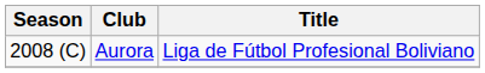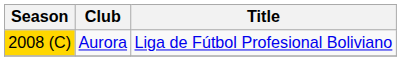 <table class="wikitable">
 <tr>
 <th>Season</th>
 <th>Club</th>
 <th>Title</th>
 </tr>
 <tr>
-<td>2008 (C)</td>
+<td style="background: gold;">2008 (C)</td>
 <td><a href='#'>Aurora</a></td>
 <td><a href='#'>Liga de Fútbol Profesional Boliviano</a></td>
 </tr>
 <tr>
 </tr>
 </table>
